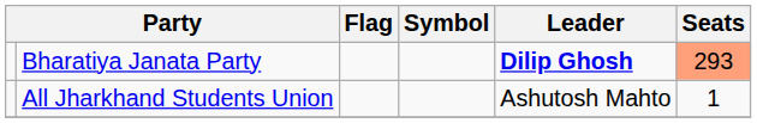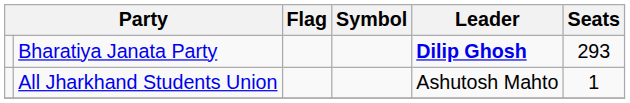 <table class="wikitable">
 <tr>
 <th colspan="2">Party</th>
 <th>Flag</th>
 <th>Symbol</th>
 <th>Leader</th>
 <th>Seats</th>
 </tr>
 <tr>
 <td></td>
 <td><a href='#'>Bharatiya Janata Party</a></td>
 <td></td>
 <td></td>
 <td><strong><a href='#'>Dilip Ghosh</a></strong></td>
-<td style="background: lightsalmon; text-align:center">293</td>
+<td style="text-align:center">293</td>
 </tr>
 <tr>
 <td></td>
 <td><a href='#'>All Jharkhand Students Union</a></td>
 <td></td>
 <td></td>
 <td>Ashutosh Mahto</td>
 <td style="text-align:center">1</td>
 </tr>
 <tr>
 </tr>
 </table>
